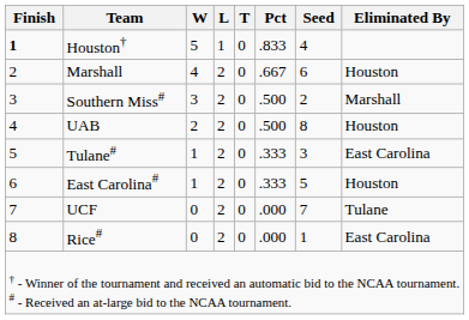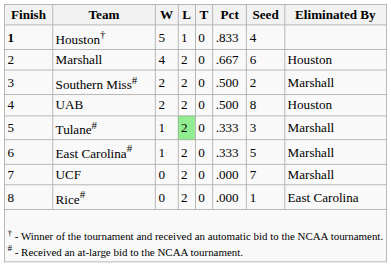 <table class="wikitable sortable">
 <tr>
 <th>Finish</th>
 <th>Team</th>
 <th>W</th>
 <th>L</th>
 <th>T</th>
 <th>Pct</th>
 <th>Seed</th>
 <th>Eliminated By</th>
 </tr>
 <tr>
 <td><strong>1</strong></td>
 <td>Houston<sup>†</sup></td>
 <td>5</td>
 <td>1</td>
 <td>0</td>
 <td>.833</td>
 <td>4</td>
 <td></td>
 </tr>
 <tr>
 <td>2</td>
 <td>Marshall</td>
 <td>4</td>
 <td>2</td>
 <td>0</td>
 <td>.667</td>
 <td>6</td>
 <td>Houston</td>
 </tr>
 <tr>
 <td>3</td>
 <td>Southern Miss<sup>#</sup></td>
-<td>3</td>
+<td>2</td>
 <td>2</td>
 <td>0</td>
 <td>.500</td>
 <td>2</td>
 <td>Marshall</td>
 </tr>
 <tr>
 <td>4</td>
 <td>UAB</td>
 <td>2</td>
 <td>2</td>
 <td>0</td>
 <td>.500</td>
 <td>8</td>
 <td>Houston</td>
 </tr>
 <tr>
 <td>5</td>
 <td>Tulane<sup>#</sup></td>
 <td>1</td>
-<td>2</td>
+<td style="background: lightgreen;">2</td>
 <td>0</td>
 <td>.333</td>
 <td>3</td>
-<td>East Carolina</td>
+<td>Marshall</td>
 </tr>
 <tr>
 <td>6</td>
 <td>East Carolina<sup>#</sup></td>
 <td>1</td>
 <td>2</td>
 <td>0</td>
 <td>.333</td>
 <td>5</td>
-<td>Houston</td>
+<td>Marshall</td>
 </tr>
 <tr>
 <td>7</td>
 <td>UCF</td>
 <td>0</td>
 <td>2</td>
 <td>0</td>
 <td>.000</td>
 <td>7</td>
-<td>Tulane</td>
+<td>Marshall</td>
 </tr>
 <tr>
 <td>8</td>
 <td>Rice<sup>#</sup></td>
 <td>0</td>
 <td>2</td>
 <td>0</td>
 <td>.000</td>
 <td>1</td>
 <td>East Carolina</td>
 </tr>
 <tr>
 <td colspan=8><br><small><sup>†</sup> - Winner of the tournament and received an automatic bid to the NCAA tournament.<br> <sup>#</sup> - Received an at-large bid to the NCAA tournament.</small></td>
 </tr>
 </table>
